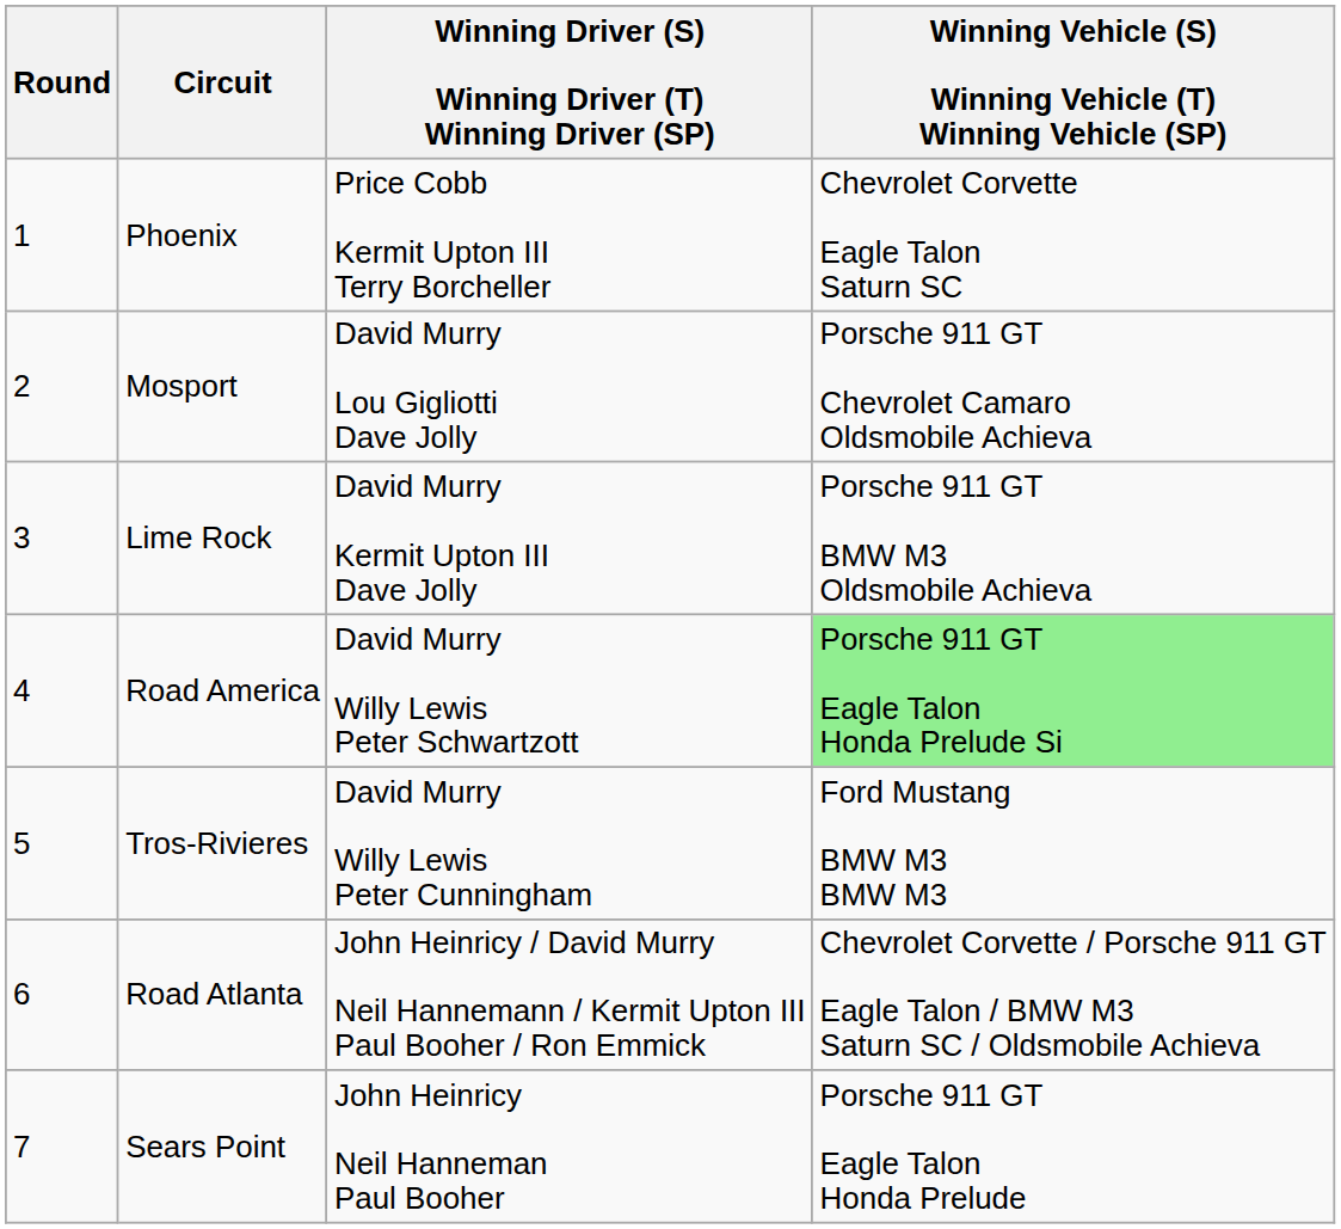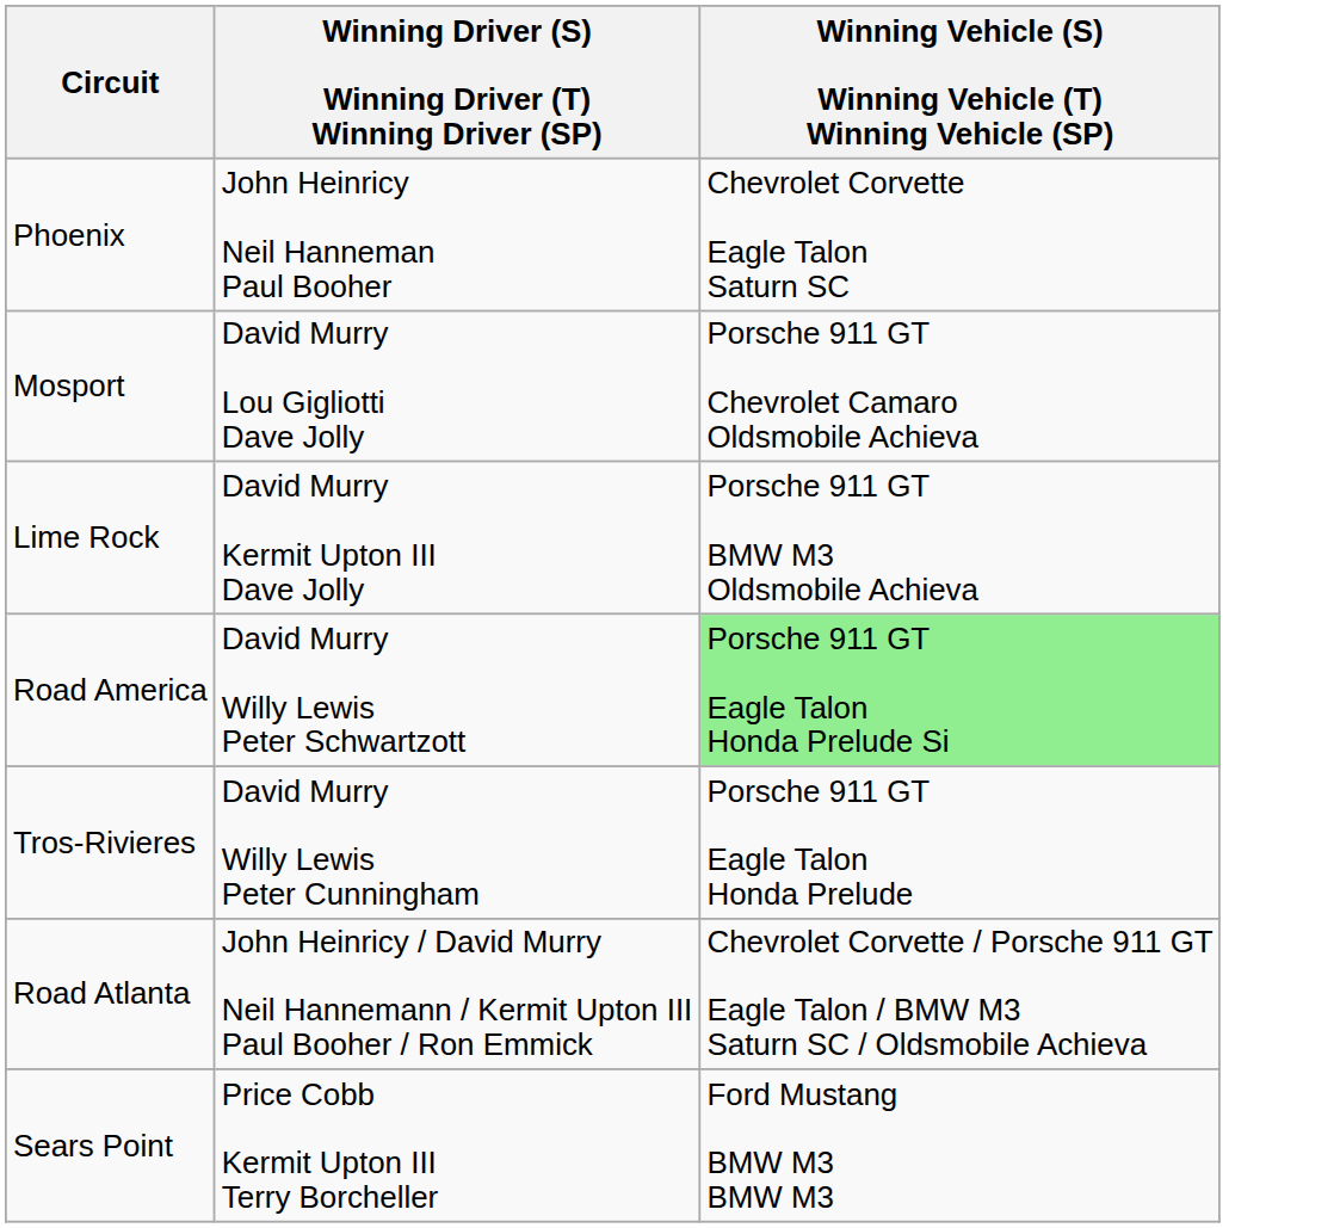 <table class="wikitable" style="font-size: 90%;">
 <tr>
-<th>Round</th>
 <th>Circuit</th>
 <th>Winning Driver (S)<br><br>Winning Driver (T)<br> Winning Driver (SP)<br></th>
 <th>Winning Vehicle (S)<br><br>Winning Vehicle (T)<br> Winning Vehicle (SP)<br></th>
 </tr>
 <tr>
-<td>1</td>
 <td>Phoenix</td>
-<td>Price Cobb<br><br>Kermit Upton III<br> Terry Borcheller<br></td>
+<td>John Heinricy<br><br>Neil Hanneman<br> Paul Booher<br></td>
 <td>Chevrolet Corvette<br><br>Eagle Talon<br> Saturn SC<br></td>
 </tr>
 <tr>
-<td>2</td>
 <td>Mosport</td>
 <td>David Murry<br><br>Lou Gigliotti<br> Dave Jolly<br></td>
 <td>Porsche 911 GT<br><br>Chevrolet Camaro<br> Oldsmobile Achieva<br></td>
 </tr>
 <tr>
-<td>3</td>
 <td>Lime Rock</td>
 <td>David Murry<br><br>Kermit Upton III<br> Dave Jolly<br></td>
 <td>Porsche 911 GT<br><br>BMW M3<br> Oldsmobile Achieva<br></td>
 </tr>
 <tr>
-<td>4</td>
 <td>Road America</td>
 <td>David Murry<br><br> Willy Lewis<br> Peter Schwartzott<br></td>
 <td style="background: lightgreen;">Porsche 911 GT<br><br>Eagle Talon<br> Honda Prelude Si<br></td>
 </tr>
 <tr>
-<td>5</td>
 <td>Tros-Rivieres</td>
 <td>David Murry<br><br>Willy Lewis<br> Peter Cunningham<br></td>
-<td>Ford Mustang<br><br>BMW M3<br> BMW M3<br></td>
+<td>Porsche 911 GT<br><br>Eagle Talon<br> Honda Prelude<br></td>
 </tr>
 <tr>
-<td>6</td>
 <td>Road Atlanta</td>
 <td>John Heinricy /  David Murry<br><br>Neil Hannemann /  Kermit Upton III<br> Paul Booher / Ron Emmick<br></td>
 <td>Chevrolet Corvette / Porsche 911 GT<br><br>Eagle Talon / BMW M3<br> Saturn SC / Oldsmobile Achieva<br></td>
 </tr>
 <tr>
-<td>7</td>
 <td>Sears Point</td>
-<td>John Heinricy<br><br>Neil Hanneman<br> Paul Booher<br></td>
-<td>Porsche 911 GT<br><br>Eagle Talon<br> Honda Prelude<br></td>
+<td>Price Cobb<br><br>Kermit Upton III<br> Terry Borcheller<br></td>
+<td>Ford Mustang<br><br>BMW M3<br> BMW M3<br></td>
 </tr>
 </table>
